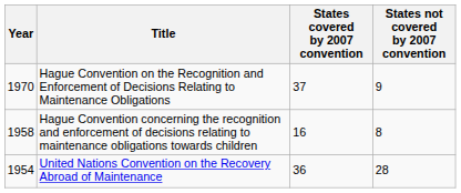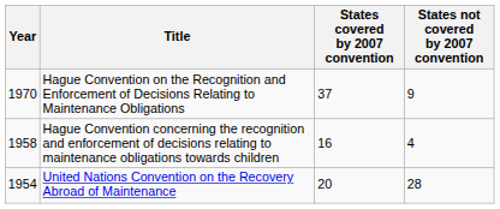 <table class="wikitable sortable">
 <tr>
 <th>Year</th>
 <th>Title</th>
 <th>States covered<br>by 2007 convention</th>
 <th>States not covered<br>by 2007 convention</th>
 </tr>
 <tr>
 <td>1970</td>
 <td>Hague Convention on the Recognition and Enforcement of Decisions Relating to Maintenance Obligations</td>
 <td>37</td>
 <td>9</td>
 </tr>
 <tr>
 <td>1958</td>
 <td>Hague Convention concerning the recognition and enforcement of decisions relating to maintenance obligations towards children</td>
 <td>16</td>
-<td>8</td>
+<td>4</td>
 </tr>
 <tr>
 <td>1954</td>
 <td><a href='#'>United Nations Convention on the Recovery Abroad of Maintenance</a></td>
-<td>36</td>
+<td>20</td>
 <td>28</td>
 </tr>
 </table>
